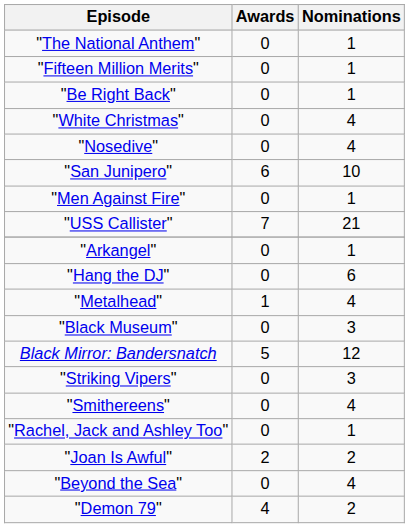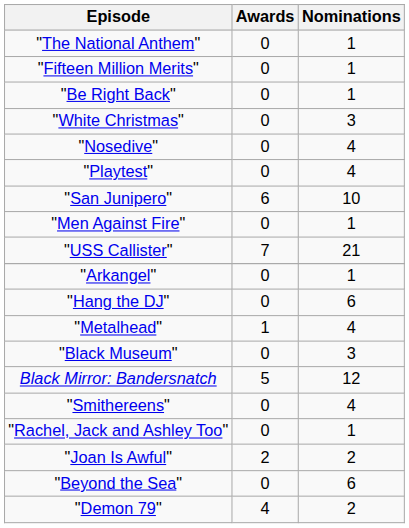 <table class="wikitable sortable" style="text-align:center; summary:Number of awards and nominations (columns) for each episode (rows). San Junipero won six awards from ten nominations and USS Callister won seven awards from twenty nominations.">
 <tr bgcolor="#CCCCCC">
 <th scope="col">Episode</th>
 <th scope="col">Awards</th>
 <th scope="col">Nominations</th>
 </tr>
 <tr>
 <td>"<a href='#'>The National Anthem</a>"</td>
 <td>0</td>
 <td>1</td>
 </tr>
 <tr>
 <td>"<a href='#'>Fifteen Million Merits</a>"</td>
 <td>0</td>
 <td>1</td>
 </tr>
 <tr>
 <td>"<a href='#'>Be Right Back</a>"</td>
 <td>0</td>
 <td>1</td>
 </tr>
 <tr>
 <td>"<a href='#'>White Christmas</a>"</td>
 <td>0</td>
+<td>3</td>
+</tr>
+<tr>
+<td>"<a href='#'>Nosedive</a>"</td>
+<td>0</td>
 <td>4</td>
 </tr>
 <tr>
-<td>"<a href='#'>Nosedive</a>"</td>
+<td>"<a href='#'>Playtest</a>"</td>
 <td>0</td>
 <td>4</td>
 </tr>
 <tr>
 <td>"<a href='#'>San Junipero</a>"</td>
 <td>6</td>
 <td>10</td>
 </tr>
 <tr>
 <td>"<a href='#'>Men Against Fire</a>"</td>
 <td>0</td>
 <td>1</td>
 </tr>
 <tr>
 <td>"<a href='#'>USS Callister</a>"</td>
 <td>7</td>
 <td>21</td>
 </tr>
 <tr>
 </tr>
 <tr>
 <td>"<a href='#'>Arkangel</a>"</td>
 <td>0</td>
 <td>1</td>
 </tr>
 <tr>
 <td>"<a href='#'>Hang the DJ</a>"</td>
 <td>0</td>
 <td>6</td>
 </tr>
 <tr>
 <td>"<a href='#'>Metalhead</a>"</td>
 <td>1</td>
 <td>4</td>
 </tr>
 <tr>
 <td>"<a href='#'>Black Museum</a>"</td>
 <td>0</td>
 <td>3</td>
 </tr>
 <tr>
 <td><em><a href='#'>Black Mirror: Bandersnatch</a></em></td>
 <td>5</td>
 <td>12</td>
 </tr>
 <tr>
-<td>"<a href='#'>Striking Vipers</a>"</td>
-<td>0</td>
-<td>3</td>
-</tr>
-<tr>
 <td>"<a href='#'>Smithereens</a>"</td>
 <td>0</td>
 <td>4</td>
 </tr>
 <tr>
 <td>"<a href='#'>Rachel, Jack and Ashley Too</a>"</td>
 <td>0</td>
 <td>1</td>
 </tr>
 <tr>
 <td>"<a href='#'>Joan Is Awful</a>"</td>
 <td>2</td>
 <td>2</td>
 </tr>
 <tr>
 <td>"<a href='#'>Beyond the Sea</a>"</td>
 <td>0</td>
-<td>4</td>
+<td>6</td>
 </tr>
 <tr>
 <td>"<a href='#'>Demon 79</a>"</td>
 <td>4</td>
 <td>2</td>
 </tr>
 </table>
